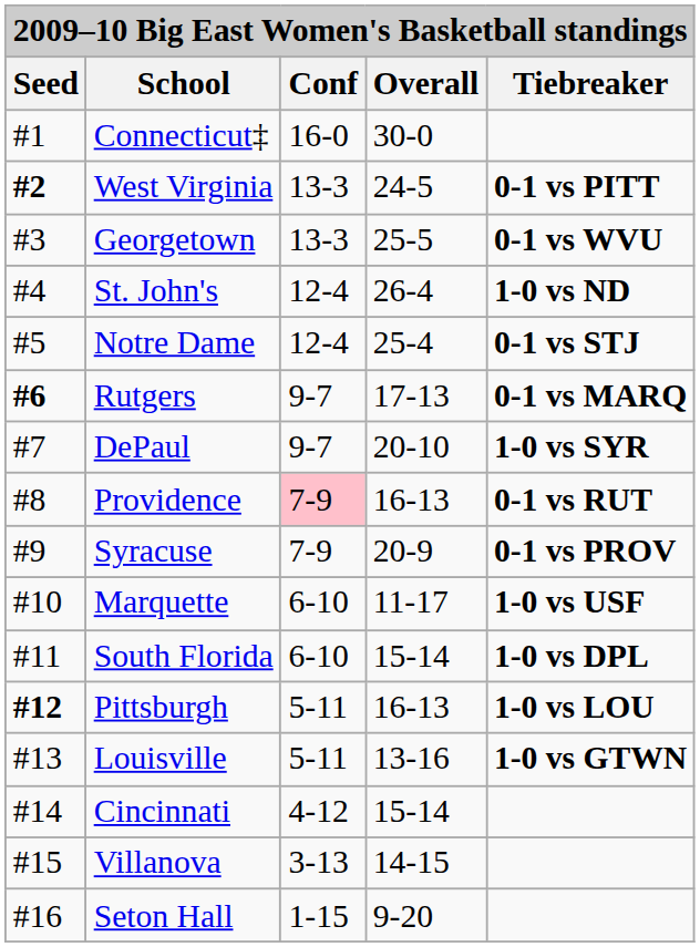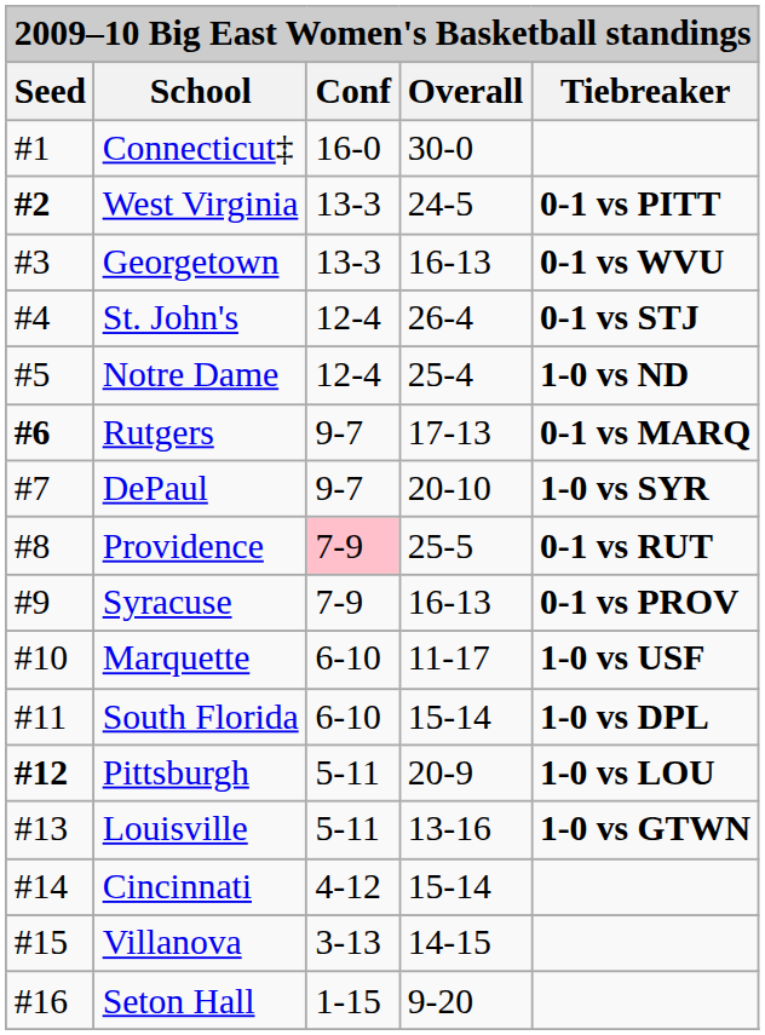 <table class="wikitable">
 <tr>
 <td colspan="7" style="text-align:center; background:#CCCCCC; font:#000000"><strong>2009–10 Big East Women's Basketball standings</strong></td>
 </tr>
 <tr bgcolor="#efefef">
 <th>Seed</th>
 <th>School</th>
 <th>Conf</th>
 <th>Overall</th>
 <th>Tiebreaker</th>
 </tr>
 <tr>
 <td>#1</td>
 <td><a href='#'>Connecticut</a>‡</td>
 <td>16-0</td>
 <td>30-0</td>
 <td></td>
 </tr>
 <tr>
 <td><strong>#2</strong></td>
 <td><a href='#'>West Virginia</a></td>
 <td>13-3</td>
 <td>24-5</td>
 <td><strong>0-1 vs PITT</strong></td>
 </tr>
 <tr>
 <td>#3</td>
 <td><a href='#'>Georgetown</a></td>
 <td>13-3</td>
-<td>25-5</td>
+<td>16-13</td>
 <td><strong>0-1 vs WVU</strong></td>
 </tr>
 <tr>
 <td>#4</td>
 <td><a href='#'>St. John's</a></td>
 <td>12-4</td>
 <td>26-4</td>
-<td><strong>1-0 vs ND</strong></td>
+<td><strong>0-1 vs STJ</strong></td>
 </tr>
 <tr>
 <td>#5</td>
 <td><a href='#'>Notre Dame</a></td>
 <td>12-4</td>
 <td>25-4</td>
-<td><strong>0-1 vs STJ</strong></td>
+<td><strong>1-0 vs ND</strong></td>
 </tr>
 <tr>
 <td><strong>#6</strong></td>
 <td><a href='#'>Rutgers</a></td>
 <td>9-7</td>
 <td>17-13</td>
 <td><strong>0-1 vs MARQ</strong></td>
 </tr>
 <tr>
 <td>#7</td>
 <td><a href='#'>DePaul</a></td>
 <td>9-7</td>
 <td>20-10</td>
 <td><strong>1-0 vs SYR</strong></td>
 </tr>
 <tr>
 <td>#8</td>
 <td><a href='#'>Providence</a></td>
 <td style="background: pink;">7-9</td>
-<td>16-13</td>
+<td>25-5</td>
 <td><strong>0-1 vs RUT</strong></td>
 </tr>
 <tr>
 <td>#9</td>
 <td><a href='#'>Syracuse</a></td>
 <td>7-9</td>
-<td>20-9</td>
+<td>16-13</td>
 <td><strong>0-1 vs PROV</strong></td>
 </tr>
 <tr>
 <td>#10</td>
 <td><a href='#'>Marquette</a></td>
 <td>6-10</td>
 <td>11-17</td>
 <td><strong>1-0 vs USF</strong></td>
 </tr>
 <tr>
 <td>#11</td>
 <td><a href='#'>South Florida</a></td>
 <td>6-10</td>
 <td>15-14</td>
 <td><strong>1-0 vs DPL</strong></td>
 </tr>
 <tr>
 <td><strong>#12</strong></td>
 <td><a href='#'>Pittsburgh</a></td>
 <td>5-11</td>
-<td>16-13</td>
+<td>20-9</td>
 <td><strong>1-0 vs LOU</strong></td>
 </tr>
 <tr>
 <td>#13</td>
 <td><a href='#'>Louisville</a></td>
 <td>5-11</td>
 <td>13-16</td>
 <td><strong>1-0 vs GTWN</strong></td>
 </tr>
 <tr>
 <td>#14</td>
 <td><a href='#'>Cincinnati</a></td>
 <td>4-12</td>
 <td>15-14</td>
 <td></td>
 </tr>
 <tr>
 <td>#15</td>
 <td><a href='#'>Villanova</a></td>
 <td>3-13</td>
 <td>14-15</td>
 <td></td>
 </tr>
 <tr>
 <td>#16</td>
 <td><a href='#'>Seton Hall</a></td>
 <td>1-15</td>
 <td>9-20</td>
 <td></td>
 </tr>
 <tr>
 </tr>
 </table>
